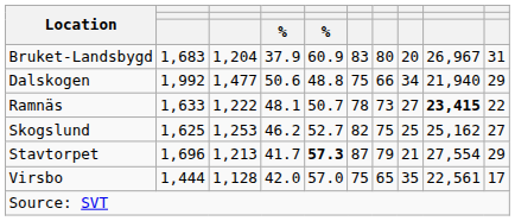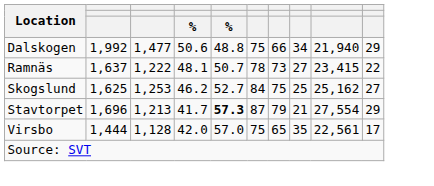 <table role="presentation" class="wikitable sortable mw-collapsible">
 <tr>
 <th rowspan="3">Location</th>
 <th></th>
 <th></th>
 <th></th>
 <th></th>
 <th></th>
 <th></th>
 <th></th>
 <th></th>
 <th></th>
 </tr>
 <tr>
 <th></th>
 <th></th>
 <th style="background:"></th>
 <th style="background:"></th>
 <th></th>
 <th></th>
 <th></th>
 <th></th>
 <th></th>
 </tr>
 <tr>
 <th data-sort-type="number"></th>
 <th data-sort-type="number"></th>
 <th data-sort-type="number">%</th>
 <th data-sort-type="number">%</th>
 <th data-sort-type="number"></th>
 <th data-sort-type="number"></th>
 <th data-sort-type="number"></th>
 <th data-sort-type="number"></th>
 <th data-sort-type="number"></th>
 </tr>
 <tr>
-<td align="left">Bruket-Landsbygd</td>
-<td>1,683</td>
-<td>1,204</td>
-<td>37.9</td>
-<td>60.9</td>
-<td>83</td>
-<td>80</td>
-<td>20</td>
-<td>26,967</td>
-<td>31</td>
-</tr>
-<tr>
 <td align="left">Dalskogen</td>
 <td>1,992</td>
 <td>1,477</td>
 <td>50.6</td>
 <td>48.8</td>
 <td>75</td>
 <td>66</td>
 <td>34</td>
 <td>21,940</td>
 <td>29</td>
 </tr>
 <tr>
 <td align="left">Ramnäs</td>
-<td>1,633</td>
+<td>1,637</td>
 <td>1,222</td>
 <td>48.1</td>
 <td>50.7</td>
 <td>78</td>
 <td>73</td>
 <td>27</td>
-<td><strong>23,415</strong></td>
+<td>23,415</td>
 <td>22</td>
 </tr>
 <tr>
 <td align="left">Skogslund</td>
 <td>1,625</td>
 <td>1,253</td>
 <td>46.2</td>
 <td>52.7</td>
-<td>82</td>
+<td>84</td>
 <td>75</td>
 <td>25</td>
 <td>25,162</td>
 <td>27</td>
 </tr>
 <tr>
 <td align="left">Stavtorpet</td>
 <td>1,696</td>
 <td>1,213</td>
 <td>41.7</td>
 <td><strong>57.3</strong></td>
 <td>87</td>
 <td>79</td>
 <td>21</td>
 <td>27,554</td>
 <td>29</td>
 </tr>
 <tr>
 <td align="left">Virsbo</td>
 <td>1,444</td>
 <td>1,128</td>
 <td>42.0</td>
 <td>57.0</td>
 <td>75</td>
 <td>65</td>
 <td>35</td>
 <td>22,561</td>
 <td>17</td>
 </tr>
 <tr>
 <td colspan="10" align="left">Source: <a href='#'>SVT</a></td>
 </tr>
 </table>
